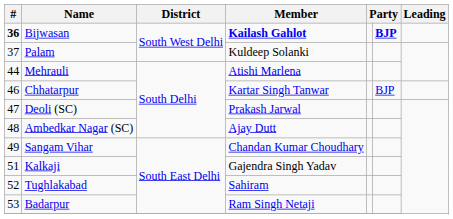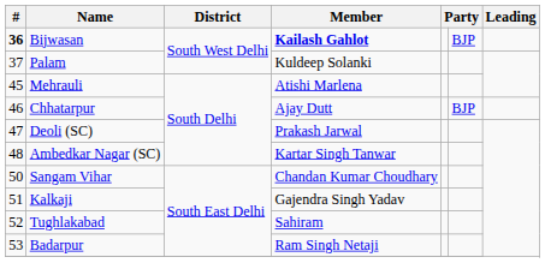 <table class="wikitable">
 <tr>
 <th>#</th>
 <th>Name</th>
 <th>District</th>
 <th>Member</th>
 <th colspan="2">Party</th>
 <th colspan="2">Leading<br></th>
 </tr>
 <tr>
 <td><strong>36</strong></td>
 <td><a href='#'>Bijwasan</a></td>
 <td rowspan="2"><a href='#'>South West Delhi</a></td>
 <td><strong><a href='#'>Kailash Gahlot</a></strong></td>
 <td style="background-color:"></td>
-<td><strong><a href='#'>BJP</a></strong></td>
+<td><a href='#'>BJP</a></td>
 <td></td>
 </tr>
 <tr>
 <td>37</td>
 <td><a href='#'>Palam</a></td>
 <td>Kuldeep Solanki</td>
 <td></td>
 <td></td>
 </tr>
 <tr>
-<td>44</td>
+<td>45</td>
 <td><a href='#'>Mehrauli</a></td>
 <td rowspan="4"><a href='#'>South Delhi</a></td>
 <td><a href='#'>Atishi Marlena</a></td>
 <td></td>
 <td></td>
 </tr>
 <tr>
 <td>46</td>
 <td><a href='#'>Chhatarpur</a></td>
-<td><a href='#'>Kartar Singh Tanwar</a></td>
+<td><a href='#'>Ajay Dutt</a></td>
 <td style="background-color:"></td>
 <td><a href='#'>BJP</a></td>
 <td></td>
 </tr>
 <tr>
 <td>47</td>
 <td><a href='#'>Deoli</a> (SC)</td>
 <td><a href='#'>Prakash Jarwal</a></td>
 <td></td>
 <td></td>
 </tr>
 <tr>
 <td>48</td>
 <td><a href='#'>Ambedkar Nagar</a> (SC)</td>
-<td><a href='#'>Ajay Dutt</a></td>
+<td><a href='#'>Kartar Singh Tanwar</a></td>
 <td></td>
 <td></td>
 </tr>
 <tr>
-<td>49</td>
+<td>50</td>
 <td><a href='#'>Sangam Vihar</a></td>
 <td rowspan="4"><a href='#'>South East Delhi</a></td>
 <td><a href='#'>Chandan Kumar Choudhary</a></td>
 <td></td>
 <td></td>
 </tr>
 <tr>
 <td>51</td>
 <td><a href='#'>Kalkaji</a></td>
 <td>Gajendra Singh Yadav</td>
 <td></td>
 <td></td>
 </tr>
 <tr>
 <td>52</td>
 <td><a href='#'>Tughlakabad</a></td>
 <td><a href='#'>Sahiram</a></td>
 <td></td>
 <td></td>
 </tr>
 <tr>
 <td>53</td>
 <td><a href='#'>Badarpur</a></td>
 <td><a href='#'>Ram Singh Netaji</a></td>
 <td></td>
 <td></td>
 </tr>
 <tr>
 </tr>
 </table>
